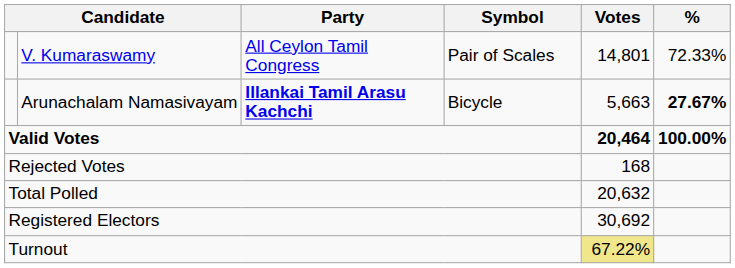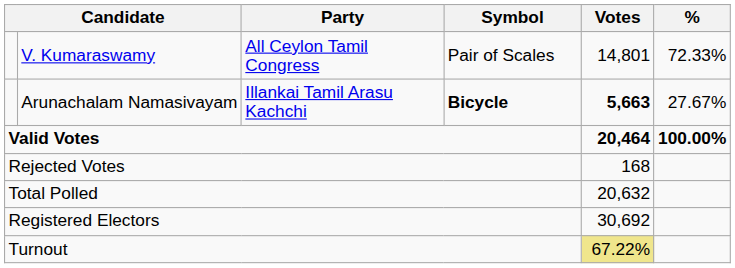 <table class="wikitable" border="1" style="text-align:right;">
 <tr>
 <th align=left colspan=2 width="180">Candidate</th>
 <th align=left width="180">Party</th>
 <th align=left width="120">Symbol</th>
 <th align=left width="60">Votes</th>
 <th align=left width="60">%</th>
 </tr>
 <tr>
 <td bgcolor=> </td>
 <td align=left><a href='#'>V. Kumaraswamy</a></td>
 <td align=left><a href='#'>All Ceylon Tamil Congress</a></td>
 <td align=left>Pair of Scales</td>
 <td>14,801</td>
 <td>72.33%</td>
 </tr>
 <tr>
 <td bgcolor=> </td>
 <td align=left>Arunachalam Namasivayam</td>
-<td align=left><strong><a href='#'>Illankai Tamil Arasu Kachchi</a></strong></td>
-<td align=left>Bicycle</td>
-<td>5,663</td>
-<td><strong>27.67%</strong></td>
+<td align=left><a href='#'>Illankai Tamil Arasu Kachchi</a></td>
+<td align=left><strong>Bicycle</strong></td>
+<td><strong>5,663</strong></td>
+<td>27.67%</td>
 </tr>
 <tr>
 <td align=left colspan=4><strong>Valid Votes</strong></td>
 <td><strong>20,464</strong></td>
 <td><strong>100.00%</strong></td>
 </tr>
 <tr>
 <td align=left colspan=4>Rejected Votes</td>
 <td>168</td>
 <td></td>
 </tr>
 <tr>
 <td align=left colspan=4>Total Polled</td>
 <td>20,632</td>
 <td></td>
 </tr>
 <tr>
 <td align=left colspan=4>Registered Electors</td>
 <td>30,692</td>
 <td></td>
 </tr>
 <tr>
 <td align=left colspan=4>Turnout</td>
 <td style="background: khaki;">67.22%</td>
 </tr>
 </table>
